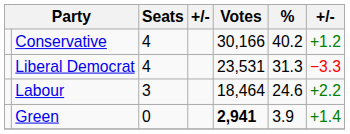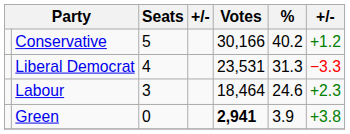 <table class="wikitable">
 <tr>
 <th colspan="2">Party</th>
 <th>Seats</th>
 <th>+/-</th>
 <th>Votes</th>
 <th>%</th>
 <th>+/-</th>
 </tr>
 <tr>
 <td style="background-color: "></td>
 <td><a href='#'>Conservative</a></td>
-<td>4</td>
+<td>5</td>
 <td></td>
 <td>30,166</td>
 <td>40.2</td>
 <td style="color:green">+1.2</td>
 </tr>
 <tr>
 <td style="background-color: "></td>
 <td><a href='#'>Liberal Democrat</a></td>
 <td>4</td>
 <td></td>
 <td>23,531</td>
 <td>31.3</td>
 <td style="color:red">−3.3</td>
 </tr>
 <tr>
 <td style="background-color: "></td>
 <td><a href='#'>Labour</a></td>
 <td>3</td>
 <td></td>
 <td>18,464</td>
 <td>24.6</td>
-<td style="color:green">+2.2</td>
+<td style="color:green">+2.3</td>
 </tr>
 <tr>
 <td style="background-color: "></td>
 <td><a href='#'>Green</a></td>
 <td>0</td>
 <td></td>
 <td><strong>2,941</strong></td>
 <td>3.9</td>
-<td style="color:green">+1.4</td>
+<td style="color:green">+3.8</td>
 </tr>
 <tr>
 </tr>
 </table>
